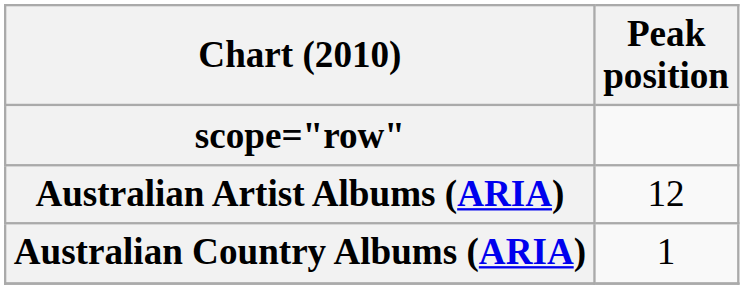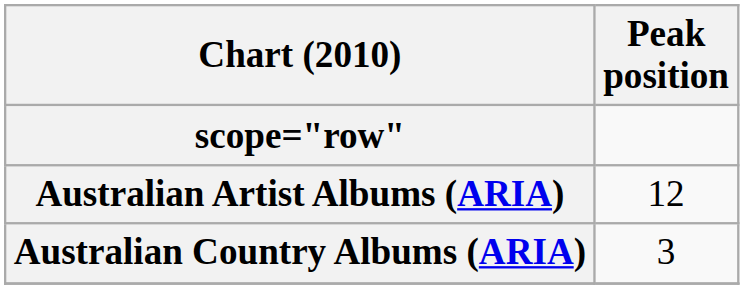 <table class="wikitable sortable plainrowheaders">
 <tr>
 <th scope="col">Chart (2010)</th>
 <th scope="col">Peak<br>position</th>
 </tr>
 <tr>
 <th>scope="row"</th>
 </tr>
 <tr>
 <th scope="row">Australian Artist Albums (<a href='#'>ARIA</a>)</th>
 <td align="center">12</td>
 </tr>
 <tr>
 <th scope="row">Australian Country Albums (<a href='#'>ARIA</a>)</th>
-<td align="center">1</td>
+<td align="center">3</td>
 </tr>
 <tr>
 </tr>
 </table>
